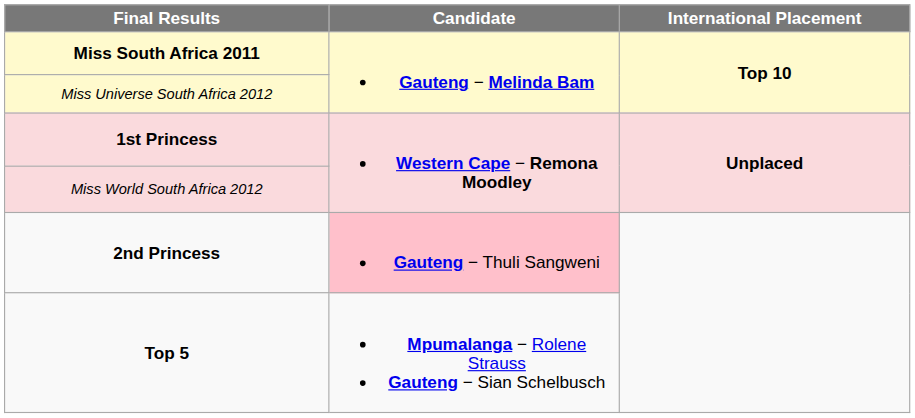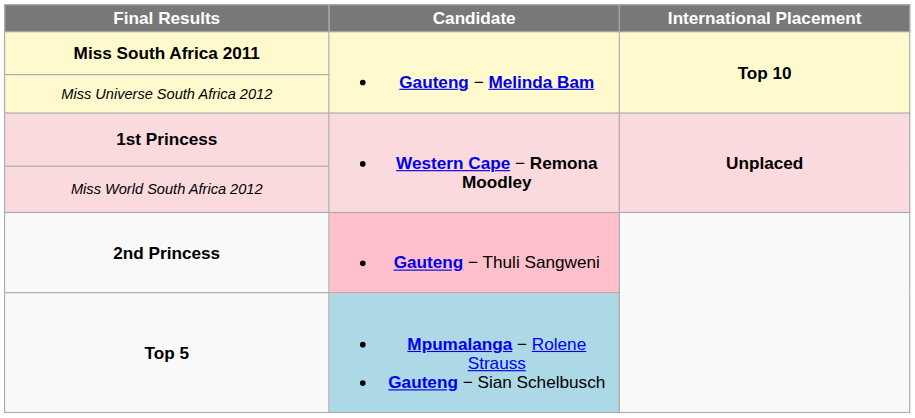 <table class="wikitable sortable" style="font-size:95%;">
 <tr>
 <th style="width:280px;background-color:#787878;color:#FFFFFF;">Final Results</th>
 <th style="width:250px;background-color:#787878;color:#FFFFFF;">Candidate</th>
 <th style="width:250px;background-color:#787878;color:#FFFFFF;">International Placement</th>
 </tr>
 <tr align="center" style="background:#FFFACD">
 <td style="text-align:center;"><strong>Miss South Africa 2011</strong></td>
 <td rowspan=2><br><ul><li><strong><a href='#'>Gauteng</a></strong> − <strong><a href='#'>Melinda Bam</a></strong></li></ul></td>
 <td rowspan=2><strong>Top 10</strong></td>
 </tr>
 <tr align="center" style="background:#FFFACD;">
 <td style="text-align:center; font-size:85%"><em>Miss Universe South Africa 2012</em></td>
 </tr>
 <tr align="center" style="background:#FADADD">
 <td style="text-align:center;"><strong>1st Princess</strong></td>
 <td rowspan=2><br><ul><li><strong><a href='#'>Western Cape</a></strong> − <strong>Remona Moodley</strong></li></ul></td>
 <td rowspan=2><strong>Unplaced</strong></td>
 </tr>
 <tr align="center" style="background:#FADADD;">
 <td style="text-align:center; font-size:85%"><em>Miss World South Africa 2012</em></td>
 </tr>
 <tr align="center">
 <td><strong>2nd Princess</strong></td>
 <td style="background: pink;"><br><ul><li><strong><a href='#'>Gauteng</a></strong> − Thuli Sangweni</li></ul></td>
 </tr>
 <tr align="center">
 <td><strong>Top 5</strong></td>
-<td><br><ul><li><strong><a href='#'>Mpumalanga</a></strong> − <a href='#'>Rolene Strauss</a></li><li><strong><a href='#'>Gauteng</a></strong> − Sian Schelbusch</li></ul></td>
+<td style="background: lightblue;"><br><ul><li><strong><a href='#'>Mpumalanga</a></strong> − <a href='#'>Rolene Strauss</a></li><li><strong><a href='#'>Gauteng</a></strong> − Sian Schelbusch</li></ul></td>
 </tr>
 </table>
